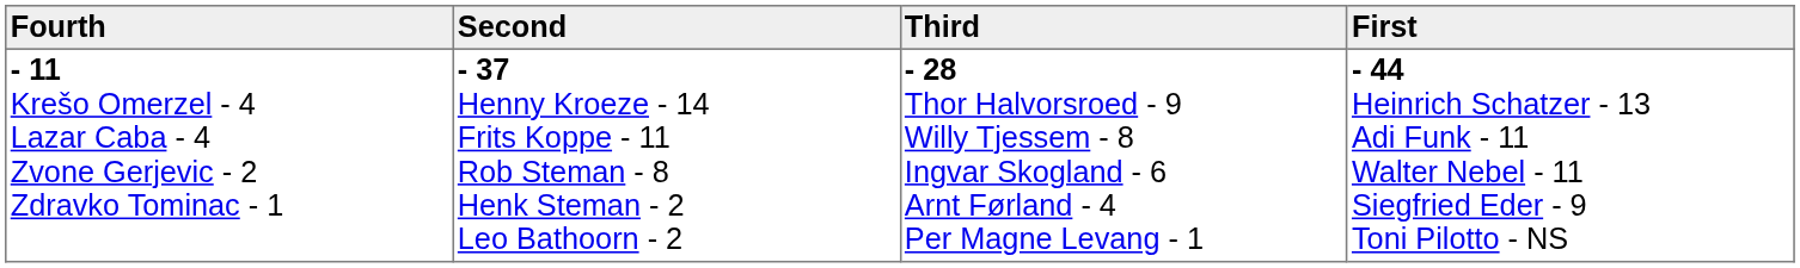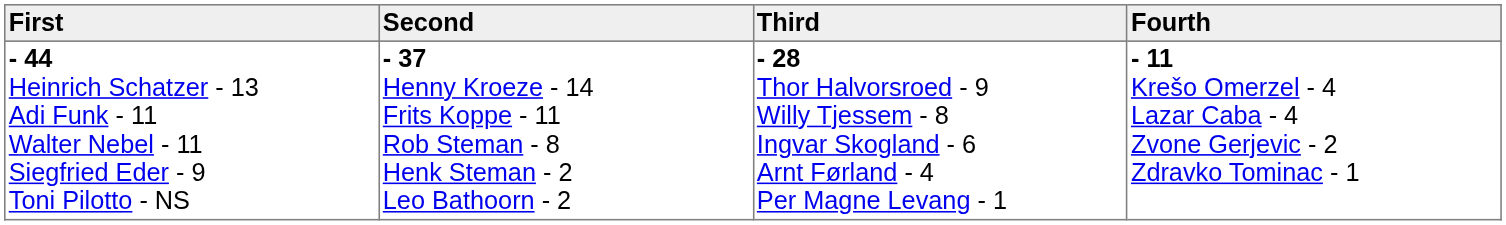 <table border=1 cellpadding=2 cellspacing=0 width=75% style="border-collapse:collapse">
 <tr align=left style="background:#efefef;">
-<th width=20%>Fourth</th>
+<th width=20%>First</th>
 <th width=20%>Second</th>
 <th width=20%>Third</th>
-<th width=20%>First</th>
+<th width=20%>Fourth</th>
 </tr>
 <tr align=left>
-<td valign=top><strong> - 11</strong><br><a href='#'>Krešo Omerzel</a> - 4 <br><a href='#'>Lazar Caba</a> - 4 <br><a href='#'>Zvone Gerjevic</a> - 2 <br><a href='#'>Zdravko Tominac</a> - 1</td>
+<td valign=top><strong> - 44</strong><br><a href='#'>Heinrich Schatzer</a> - 13 <br><a href='#'>Adi Funk</a> - 11 <br><a href='#'>Walter Nebel</a> - 11 <br><a href='#'>Siegfried Eder</a> - 9<br><a href='#'>Toni Pilotto</a> - NS</td>
 <td valign=top><strong> - 37</strong><br><a href='#'>Henny Kroeze</a> - 14 <br><a href='#'>Frits Koppe</a> - 11 <br><a href='#'>Rob Steman</a> - 8 <br><a href='#'>Henk Steman</a> - 2 <br><a href='#'>Leo Bathoorn</a> - 2</td>
 <td valign=top><strong> - 28</strong><br><a href='#'>Thor Halvorsroed</a> - 9 <br><a href='#'>Willy Tjessem</a> - 8 <br><a href='#'>Ingvar Skogland</a> - 6 <br><a href='#'>Arnt Førland</a> - 4 <br><a href='#'>Per Magne Levang</a> - 1</td>
-<td valign=top><strong> - 44</strong><br><a href='#'>Heinrich Schatzer</a> - 13 <br><a href='#'>Adi Funk</a> - 11 <br><a href='#'>Walter Nebel</a> - 11 <br><a href='#'>Siegfried Eder</a> - 9<br><a href='#'>Toni Pilotto</a> - NS</td>
+<td valign=top><strong> - 11</strong><br><a href='#'>Krešo Omerzel</a> - 4 <br><a href='#'>Lazar Caba</a> - 4 <br><a href='#'>Zvone Gerjevic</a> - 2 <br><a href='#'>Zdravko Tominac</a> - 1</td>
 </tr>
 </table>
